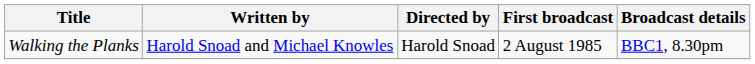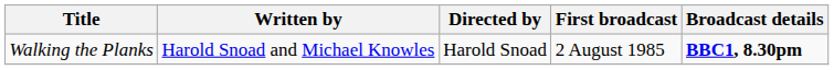 <table class="wikitable">
 <tr>
 <th>Title</th>
 <th>Written by</th>
 <th>Directed by</th>
 <th>First broadcast</th>
 <th>Broadcast details</th>
 </tr>
 <tr>
 <td><em>Walking the Planks</em></td>
 <td><a href='#'>Harold Snoad</a> and <a href='#'>Michael Knowles</a></td>
 <td>Harold Snoad</td>
 <td>2 August 1985</td>
-<td><a href='#'>BBC1</a>, 8.30pm</td>
+<td><strong><a href='#'>BBC1</a>, 8.30pm</strong></td>
 </tr>
 <tr>
 </tr>
 </table>
